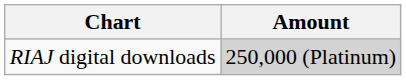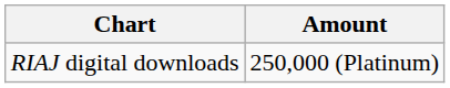 <table class="wikitable">
 <tr>
 <th>Chart</th>
 <th>Amount</th>
 </tr>
 <tr>
 <td><em>RIAJ</em> digital downloads</td>
-<td align="center" style="background: lightgrey;">250,000 (Platinum)</td>
+<td align="center">250,000 (Platinum)</td>
 </tr>
 </table>
